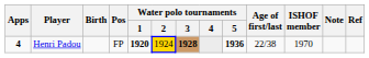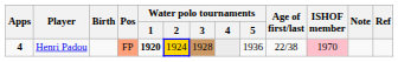 <table class="wikitable sortable" style="text-align: center; font-size: 90%; margin-left: 1em;">
 <tr>
 <th rowspan="2">Apps</th>
 <th rowspan="2">Player</th>
 <th rowspan="2">Birth</th>
 <th rowspan="2">Pos</th>
 <th colspan="5">Water polo tournaments</th>
 <th rowspan="2">Age of<br>first/last</th>
 <th rowspan="2">ISHOF<br>member</th>
 <th rowspan="2">Note</th>
 <th rowspan="2" class="unsortable">Ref</th>
 </tr>
 <tr>
 <th>1</th>
 <th style="width: 2em;" class="unsortable">2</th>
 <th style="width: 2em;" class="unsortable">3</th>
 <th style="width: 2em;" class="unsortable">4</th>
 <th style="width: 2em;" class="unsortable">5</th>
 </tr>
 <tr>
 <td><strong>4</strong></td>
 <td style="text-align: left;" data-sort-value="Padou, Henri"><a href='#'>Henri Padou</a></td>
 <td></td>
-<td>FP</td>
+<td style="background: lightsalmon;">FP</td>
 <td><strong>1920</strong></td>
 <td style="border: 2px solid blue; background-color: gold;">1924</td>
-<td style="background-color: #cc9966;"><strong>1928</strong></td>
+<td style="background-color: #cc9966;">1928</td>
 <td style="background-color: #ececec;"></td>
-<td><strong>1936</strong></td>
+<td>1936</td>
 <td>22/38</td>
-<td>1970</td>
+<td style="background: pink;">1970</td>
 <td style="text-align: left;"></td>
 <td></td>
 </tr>
 </table>
